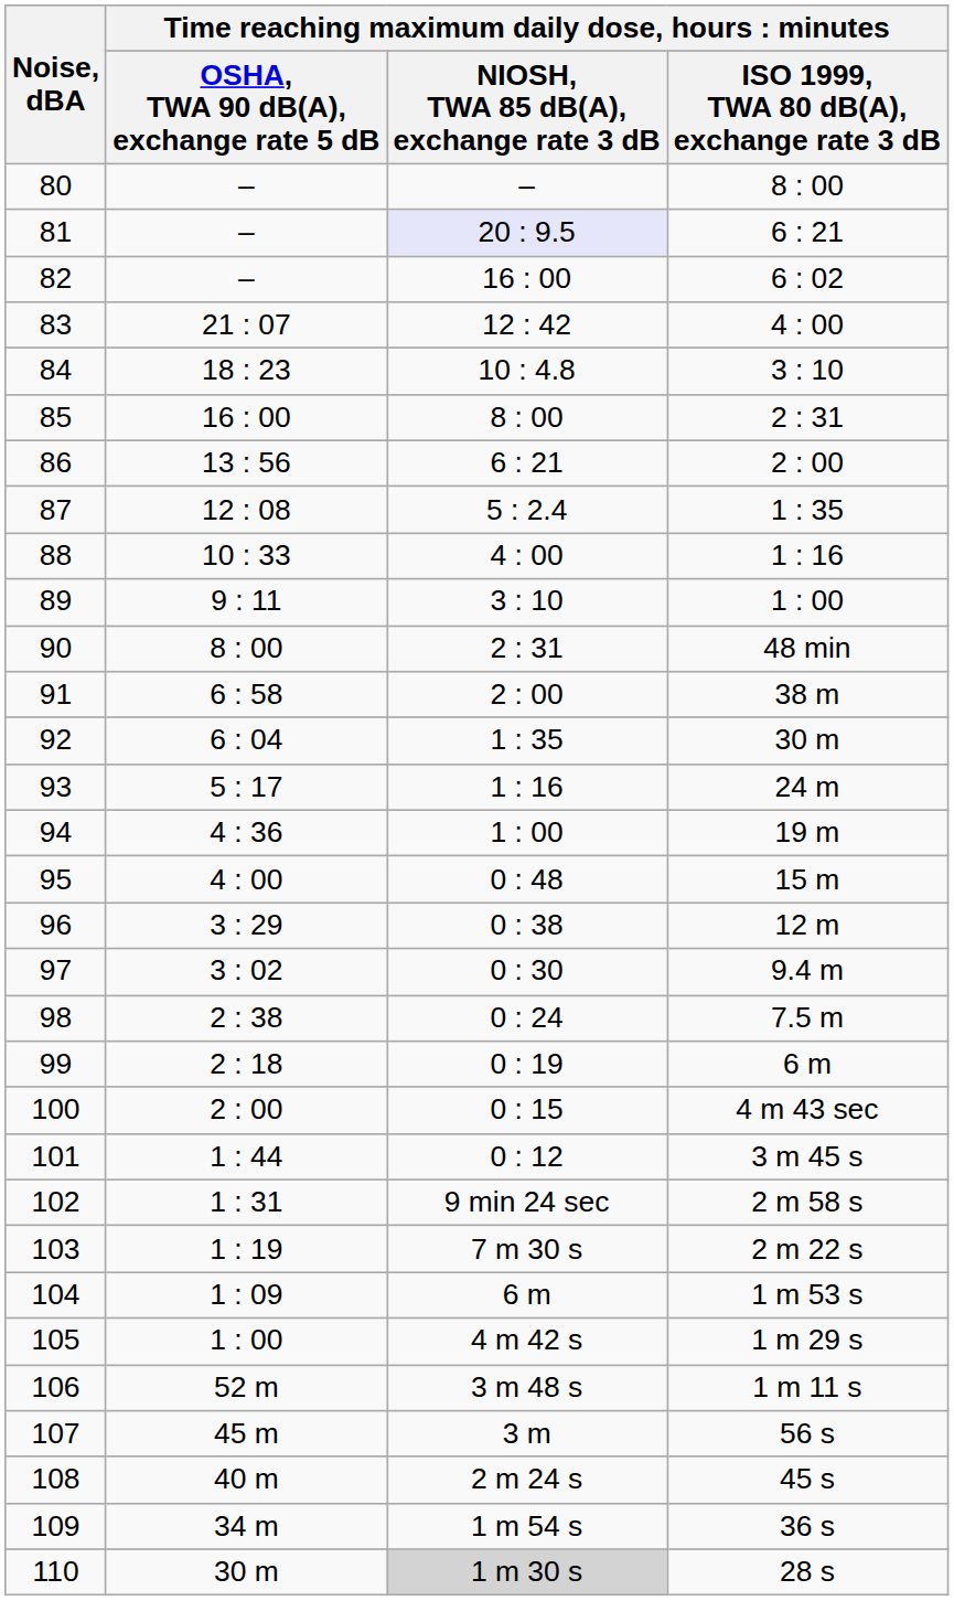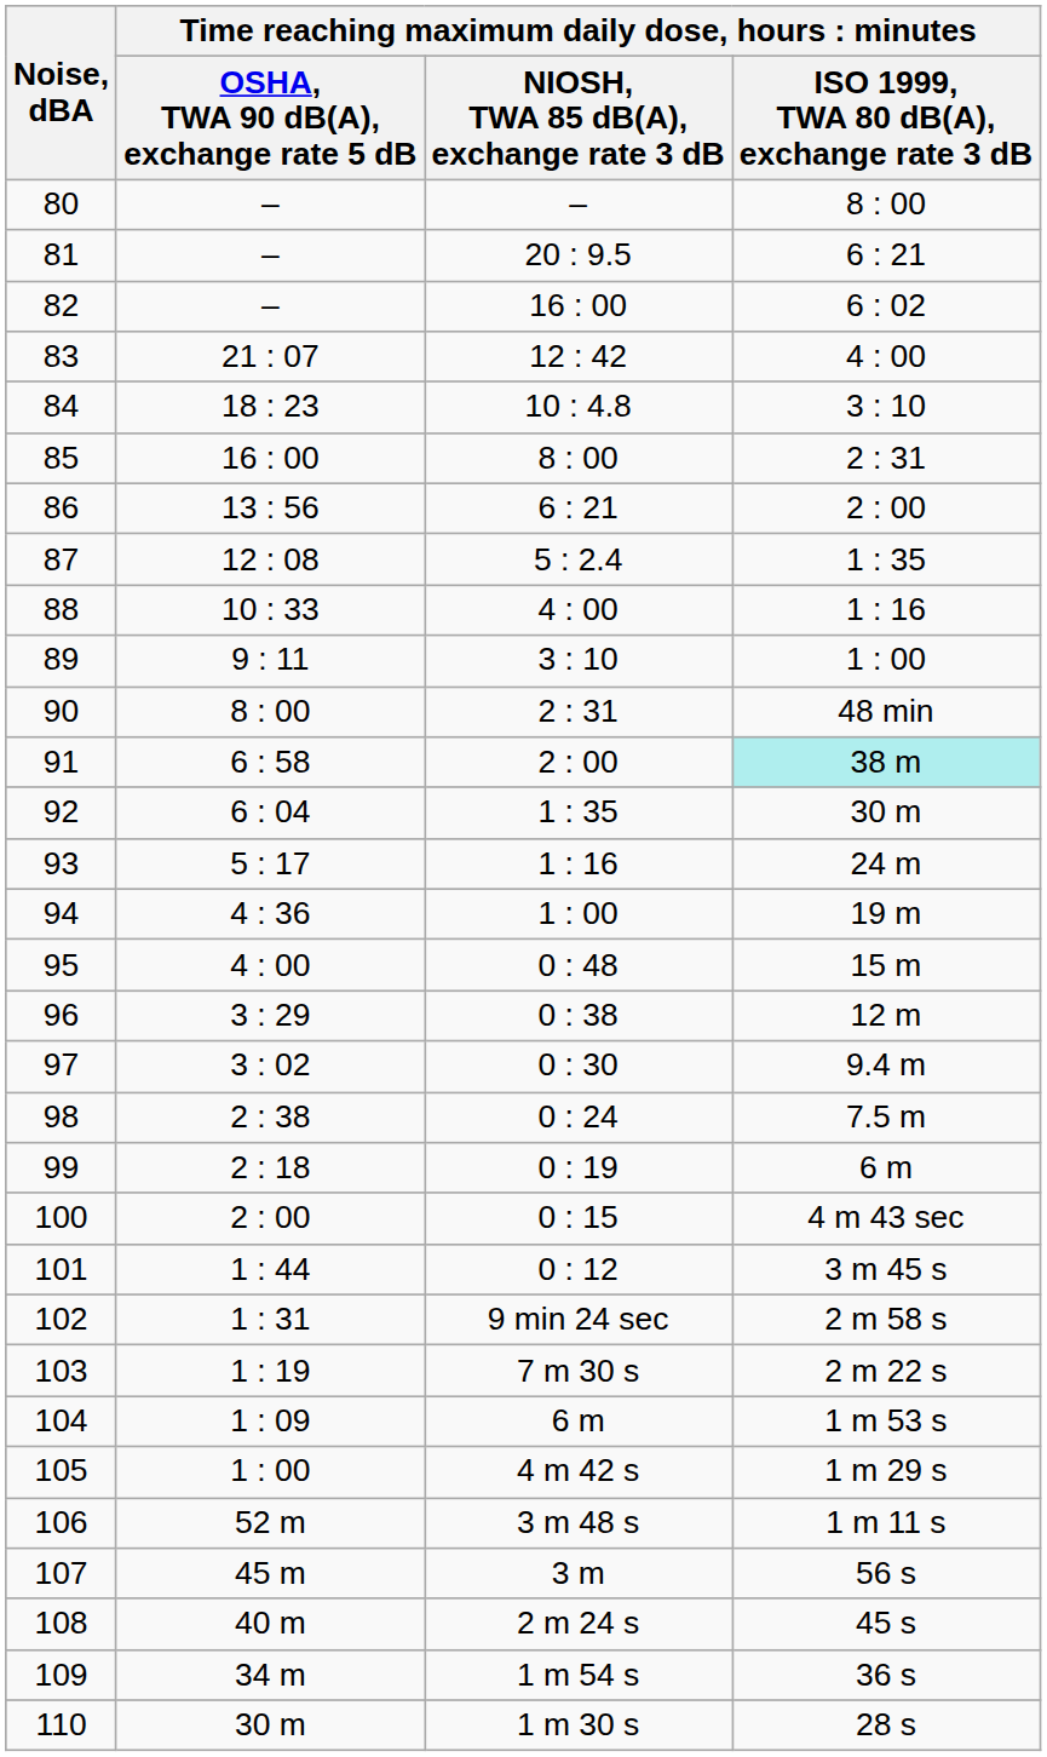 <table class="wikitable collapsible collapsed" style="text-align:center">
 <tr>
 <th rowspan="2">Noise,<br>dBA</th>
 <th colspan="3">Time reaching maximum daily dose, hours : minutes</th>
 </tr>
 <tr>
 <th><a href='#'>OSHA</a>,<br>TWA 90 dB(A),<br>exchange rate 5 dB</th>
 <th>NIOSH,<br>TWA 85 dB(A),<br>exchange rate 3 dB</th>
 <th>ISO 1999,<br>TWA 80 dB(A),<br>exchange rate 3 dB</th>
 </tr>
 <tr>
 <td>80</td>
 <td>–</td>
 <td>–</td>
 <td>8 : 00</td>
 </tr>
 <tr>
 <td>81</td>
 <td>–</td>
-<td style="background: lavender;">20 : 9.5</td>
+<td>20 : 9.5</td>
 <td>6 : 21</td>
 </tr>
 <tr>
 <td>82</td>
 <td>–</td>
 <td>16 : 00</td>
 <td>6 : 02</td>
 </tr>
 <tr>
 <td>83</td>
 <td>21 : 07</td>
 <td>12 : 42</td>
 <td>4 : 00</td>
 </tr>
 <tr>
 <td>84</td>
 <td>18 : 23</td>
 <td>10 : 4.8</td>
 <td>3 : 10</td>
 </tr>
 <tr>
 <td>85</td>
 <td>16 : 00</td>
 <td>8 : 00</td>
 <td>2 : 31</td>
 </tr>
 <tr>
 <td>86</td>
 <td>13 : 56</td>
 <td>6 : 21</td>
 <td>2 : 00</td>
 </tr>
 <tr>
 <td>87</td>
 <td>12 : 08</td>
 <td>5 : 2.4</td>
 <td>1 : 35</td>
 </tr>
 <tr>
 <td>88</td>
 <td>10 : 33</td>
 <td>4 : 00</td>
 <td>1 : 16</td>
 </tr>
 <tr>
 <td>89</td>
 <td>9 : 11</td>
 <td>3 : 10</td>
 <td>1 : 00</td>
 </tr>
 <tr>
 <td>90</td>
 <td>8 : 00</td>
 <td>2 : 31</td>
 <td>48 min</td>
 </tr>
 <tr>
 <td>91</td>
 <td>6 : 58</td>
 <td>2 : 00</td>
-<td>38 m</td>
+<td style="background: paleturquoise;">38 m</td>
 </tr>
 <tr>
 <td>92</td>
 <td>6 : 04</td>
 <td>1 : 35</td>
 <td>30 m</td>
 </tr>
 <tr>
 <td>93</td>
 <td>5 : 17</td>
 <td>1 : 16</td>
 <td>24 m</td>
 </tr>
 <tr>
 <td>94</td>
 <td>4 : 36</td>
 <td>1 : 00</td>
 <td>19 m</td>
 </tr>
 <tr>
 <td>95</td>
 <td>4 : 00</td>
 <td>0 : 48</td>
 <td>15 m</td>
 </tr>
 <tr>
 <td>96</td>
 <td>3 : 29</td>
 <td>0 : 38</td>
 <td>12 m</td>
 </tr>
 <tr>
 <td>97</td>
 <td>3 : 02</td>
 <td>0 : 30</td>
 <td>9.4 m</td>
 </tr>
 <tr>
 <td>98</td>
 <td>2 : 38</td>
 <td>0 : 24</td>
 <td>7.5 m</td>
 </tr>
 <tr>
 <td>99</td>
 <td>2 : 18</td>
 <td>0 : 19</td>
 <td>6 m</td>
 </tr>
 <tr>
 <td>100</td>
 <td>2 : 00</td>
 <td>0 : 15</td>
 <td>4 m 43 sec</td>
 </tr>
 <tr>
 <td>101</td>
 <td>1 : 44</td>
 <td>0 : 12</td>
 <td>3 m 45 s</td>
 </tr>
 <tr>
 <td>102</td>
 <td>1 : 31</td>
 <td>9 min 24 sec</td>
 <td>2 m 58 s</td>
 </tr>
 <tr>
 <td>103</td>
 <td>1 : 19</td>
 <td>7 m 30 s</td>
 <td>2 m 22 s</td>
 </tr>
 <tr>
 <td>104</td>
 <td>1 : 09</td>
 <td>6 m</td>
 <td>1 m 53 s</td>
 </tr>
 <tr>
 <td>105</td>
 <td>1 : 00</td>
 <td>4 m 42 s</td>
 <td>1 m 29 s</td>
 </tr>
 <tr>
 <td>106</td>
 <td>52 m</td>
 <td>3 m 48 s</td>
 <td>1 m 11 s</td>
 </tr>
 <tr>
 <td>107</td>
 <td>45 m</td>
 <td>3 m</td>
 <td>56 s</td>
 </tr>
 <tr>
 <td>108</td>
 <td>40 m</td>
 <td>2 m 24 s</td>
 <td>45 s</td>
 </tr>
 <tr>
 <td>109</td>
 <td>34 m</td>
 <td>1 m 54 s</td>
 <td>36 s</td>
 </tr>
 <tr>
 <td>110</td>
 <td>30 m</td>
-<td style="background: lightgrey;">1 m 30 s</td>
+<td>1 m 30 s</td>
 <td>28 s</td>
 </tr>
 </table>
